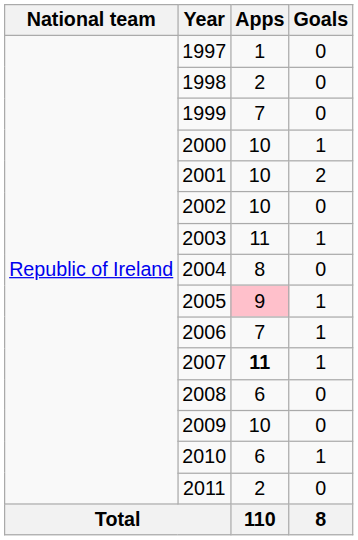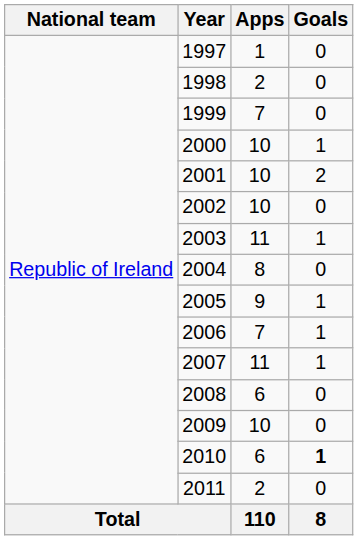 <table class="wikitable" style="text-align:center">
 <tr>
 <th>National team</th>
 <th>Year</th>
 <th>Apps</th>
 <th>Goals</th>
 </tr>
 <tr>
 <td rowspan="15"><a href='#'>Republic of Ireland</a></td>
 <td>1997</td>
 <td>1</td>
 <td>0</td>
 </tr>
 <tr>
 <td>1998</td>
 <td>2</td>
 <td>0</td>
 </tr>
 <tr>
 <td>1999</td>
 <td>7</td>
 <td>0</td>
 </tr>
 <tr>
 <td>2000</td>
 <td>10</td>
 <td>1</td>
 </tr>
 <tr>
 <td>2001</td>
 <td>10</td>
 <td>2</td>
 </tr>
 <tr>
 <td>2002</td>
 <td>10</td>
 <td>0</td>
 </tr>
 <tr>
 <td>2003</td>
 <td>11</td>
 <td>1</td>
 </tr>
 <tr>
 <td>2004</td>
 <td>8</td>
 <td>0</td>
 </tr>
 <tr>
 <td>2005</td>
-<td style="background: pink;">9</td>
+<td>9</td>
 <td>1</td>
 </tr>
 <tr>
 <td>2006</td>
 <td>7</td>
 <td>1</td>
 </tr>
 <tr>
 <td>2007</td>
-<td><strong>11</strong></td>
+<td>11</td>
 <td>1</td>
 </tr>
 <tr>
 <td>2008</td>
 <td>6</td>
 <td>0</td>
 </tr>
 <tr>
 <td>2009</td>
 <td>10</td>
 <td>0</td>
 </tr>
 <tr>
 <td>2010</td>
 <td>6</td>
-<td>1</td>
+<td><strong>1</strong></td>
 </tr>
 <tr>
 <td>2011</td>
 <td>2</td>
 <td>0</td>
 </tr>
 <tr>
 <th colspan="2">Total</th>
 <th>110</th>
 <th>8</th>
 </tr>
 </table>
